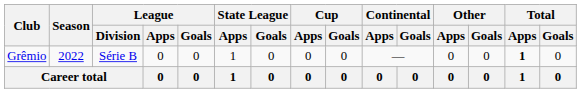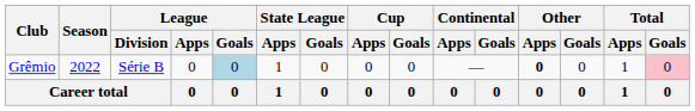 <table class="wikitable" style="text-align: center; font-size:96%">
 <tr>
 <th rowspan="2">Club</th>
 <th rowspan="2">Season</th>
 <th colspan="3">League</th>
 <th colspan="2">State League</th>
 <th colspan="2">Cup</th>
 <th colspan="2">Continental</th>
 <th colspan="2">Other</th>
 <th colspan="2">Total</th>
 </tr>
 <tr>
 <th>Division</th>
 <th>Apps</th>
 <th>Goals</th>
 <th>Apps</th>
 <th>Goals</th>
 <th>Apps</th>
 <th>Goals</th>
 <th>Apps</th>
 <th>Goals</th>
 <th>Apps</th>
 <th>Goals</th>
 <th>Apps</th>
 <th>Goals</th>
 </tr>
 <tr>
 <td><a href='#'>Grêmio</a></td>
 <td><a href='#'>2022</a></td>
 <td><a href='#'>Série B</a></td>
 <td>0</td>
-<td>0</td>
+<td style="background: lightblue;">0</td>
 <td>1</td>
 <td>0</td>
 <td>0</td>
 <td>0</td>
 <td colspan="2">—</td>
+<td><strong>0</strong></td>
 <td>0</td>
-<td>0</td>
-<td><strong>1</strong></td>
-<td>0</td>
+<td>1</td>
+<td style="background: pink;">0</td>
 </tr>
 <tr>
 <th colspan="3"><strong>Career total</strong></th>
 <th>0</th>
 <th>0</th>
 <th>1</th>
 <th>0</th>
 <th>0</th>
 <th>0</th>
 <th>0</th>
 <th>0</th>
 <th>0</th>
 <th>0</th>
 <th>1</th>
 <th>0</th>
 </tr>
 </table>
